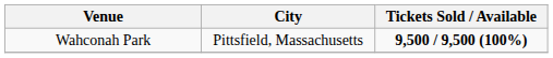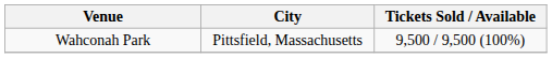 <table class="wikitable" style="text-align:center">
 <tr>
 <th style="width:200px;">Venue</th>
 <th style="width:175px;">City</th>
 <th style="width:175px;">Tickets Sold / Available</th>
 </tr>
 <tr>
 <td>Wahconah Park</td>
 <td>Pittsfield, Massachusetts</td>
-<td><strong>9,500 / 9,500 (100%)</strong></td>
+<td>9,500 / 9,500 (100%)</td>
 </tr>
 <tr>
 </tr>
 </table>
